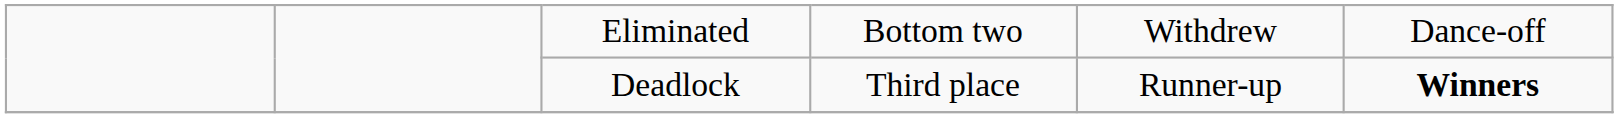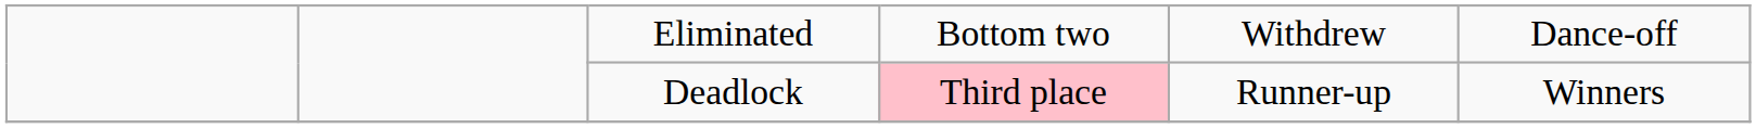 <table class="wikitable" style="margin:1em auto; text-align:center" align="center">
 <tr>
 <td rowspan=2 width="120"></td>
 <td rowspan=2 width="120"></td>
 <td width="120"> Eliminated</td>
 <td width="120"> Bottom two</td>
 <td width="120"> Withdrew</td>
 <td width="120"> Dance-off</td>
 </tr>
 <tr>
 <td> Deadlock</td>
-<td> Third place</td>
+<td style="background: pink;"> Third place</td>
 <td> Runner-up</td>
-<td><strong> Winners</strong></td>
+<td> Winners</td>
 </tr>
 <tr>
 </tr>
 </table>
